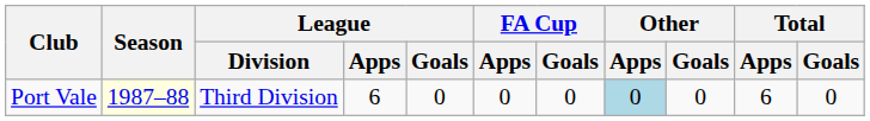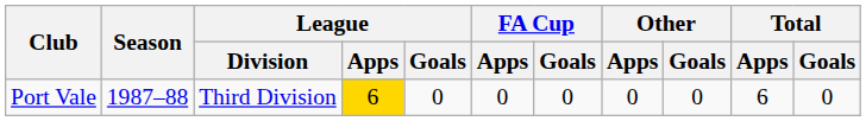 <table class="wikitable" style="text-align:center">
 <tr>
 <th rowspan="2">Club</th>
 <th rowspan="2">Season</th>
 <th colspan="3">League</th>
 <th colspan="2"><a href='#'>FA Cup</a></th>
 <th colspan="2">Other</th>
 <th colspan="2">Total</th>
 </tr>
 <tr>
 <th>Division</th>
 <th>Apps</th>
 <th>Goals</th>
 <th>Apps</th>
 <th>Goals</th>
 <th>Apps</th>
 <th>Goals</th>
 <th>Apps</th>
 <th>Goals</th>
 </tr>
 <tr>
 <td><a href='#'>Port Vale</a></td>
-<td style="background: lightyellow;"><a href='#'>1987–88</a></td>
+<td><a href='#'>1987–88</a></td>
 <td><a href='#'>Third Division</a></td>
-<td>6</td>
+<td style="background: gold;">6</td>
 <td>0</td>
 <td>0</td>
 <td>0</td>
-<td style="background: lightblue;">0</td>
+<td>0</td>
 <td>0</td>
 <td>6</td>
 <td>0</td>
 </tr>
 </table>
